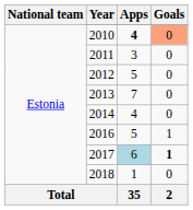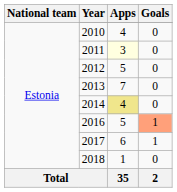 <table class=wikitable style="text-align: center;">
 <tr>
 <th>National team</th>
 <th>Year</th>
 <th>Apps</th>
 <th>Goals</th>
 </tr>
 <tr>
 <td rowspan=9><a href='#'>Estonia</a></td>
 </tr>
 <tr>
 <td>2010</td>
-<td><strong>4</strong></td>
-<td style="background: lightsalmon;">0</td>
+<td>4</td>
+<td>0</td>
 </tr>
 <tr>
 <td>2011</td>
-<td>3</td>
+<td style="background: lightyellow;">3</td>
 <td>0</td>
 </tr>
 <tr>
 <td>2012</td>
 <td>5</td>
 <td>0</td>
 </tr>
 <tr>
 <td>2013</td>
 <td>7</td>
 <td>0</td>
 </tr>
 <tr>
 <td>2014</td>
-<td>4</td>
+<td style="background: khaki;">4</td>
 <td>0</td>
 </tr>
 <tr>
 <td>2016</td>
 <td>5</td>
-<td>1</td>
+<td style="background: lightsalmon;">1</td>
 </tr>
 <tr>
 <td>2017</td>
-<td style="background: lightblue;">6</td>
-<td><strong>1</strong></td>
+<td>6</td>
+<td>1</td>
 </tr>
 <tr>
 <td>2018</td>
 <td>1</td>
 <td>0</td>
 </tr>
 <tr>
 <th colspan=2>Total</th>
 <th>35</th>
 <th>2</th>
 </tr>
 </table>
